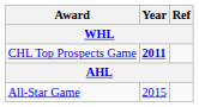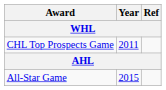 <table class="wikitable">
 <tr>
 <th>Award</th>
 <th>Year</th>
 <th>Ref</th>
 </tr>
 <tr ALIGN="center">
 <th colspan="3"><a href='#'>WHL</a></th>
 </tr>
 <tr>
 <td><a href='#'>CHL Top Prospects Game</a></td>
-<td><strong><a href='#'>2011</a></strong></td>
+<td><a href='#'>2011</a></td>
 <td></td>
 </tr>
 <tr ALIGN="center">
 <th colspan="3"><a href='#'>AHL</a></th>
 </tr>
 <tr>
 <td><a href='#'>All-Star Game</a></td>
 <td><a href='#'>2015</a></td>
 <td></td>
 </tr>
 </table>
